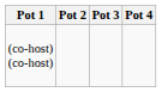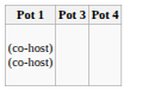 <table class="wikitable">
 <tr>
 <th>Pot 1</th>
-<th>Pot 2</th>
 <th>Pot 3</th>
 <th>Pot 4</th>
 </tr>
 <tr>
 <td><br> (co-host)<br>  (co-host)<br> <br> </td>
 <td><br><br> <br> <br> </td>
 <td><br><br> <br> <br> </td>
-<td><br><br> <br> <br> </td>
 </tr>
 </table>
